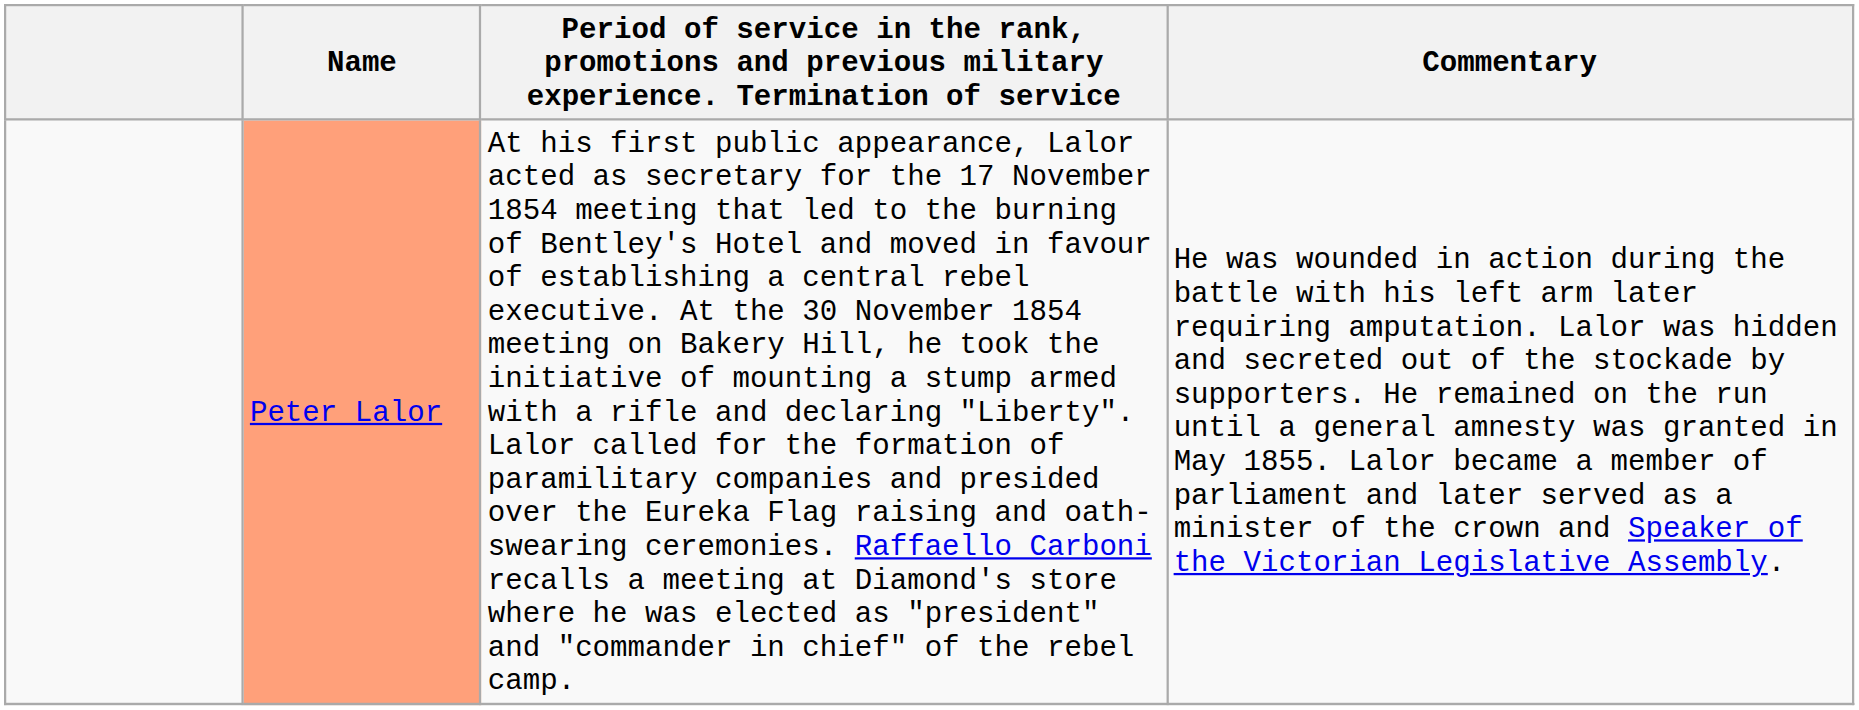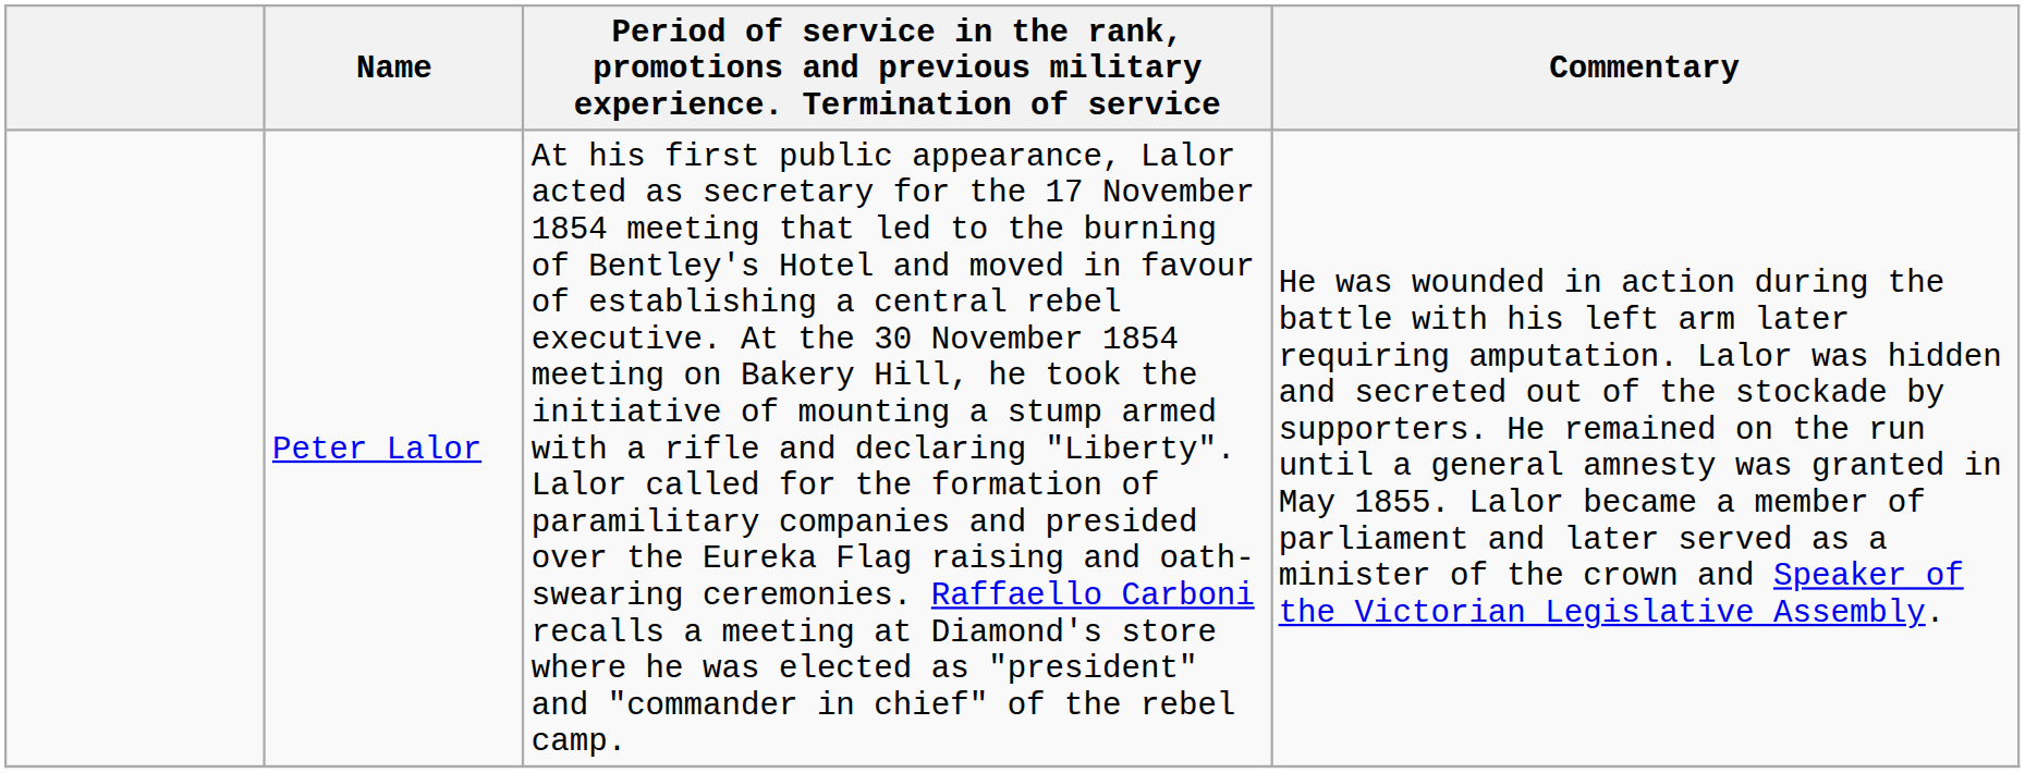 <table class="wikitable">
 <tr>
 <th align="center" width="100"></th>
 <th align="left" width="100">Name</th>
 <th align="left" width="300">Period of service in the rank, promotions and previous military experience. Termination of service</th>
 <th align="left" width="300">Commentary</th>
 </tr>
 <tr>
 <td></td>
-<td style="background: lightsalmon;"><a href='#'>Peter Lalor</a></td>
+<td><a href='#'>Peter Lalor</a></td>
 <td>At his first public appearance, Lalor acted as secretary for the 17 November 1854 meeting that led to the burning of Bentley's Hotel and moved in favour of establishing a central rebel executive. At the 30 November 1854 meeting on Bakery Hill, he took the initiative of mounting a stump armed with a rifle and declaring "Liberty". Lalor called for the formation of paramilitary companies and presided over the Eureka Flag raising and oath-swearing ceremonies. <a href='#'>Raffaello Carboni</a> recalls a meeting at Diamond's store where he was elected as "president" and "commander in chief" of the rebel camp.</td>
 <td>He was wounded in action during the battle with his left arm later requiring amputation. Lalor was hidden and secreted out of the stockade by supporters. He remained on the run until a general amnesty was granted in May 1855. Lalor became a member of parliament and later served as a minister of the crown and <a href='#'>Speaker of the Victorian Legislative Assembly</a>.</td>
 </tr>
 <tr>
 </tr>
 </table>
